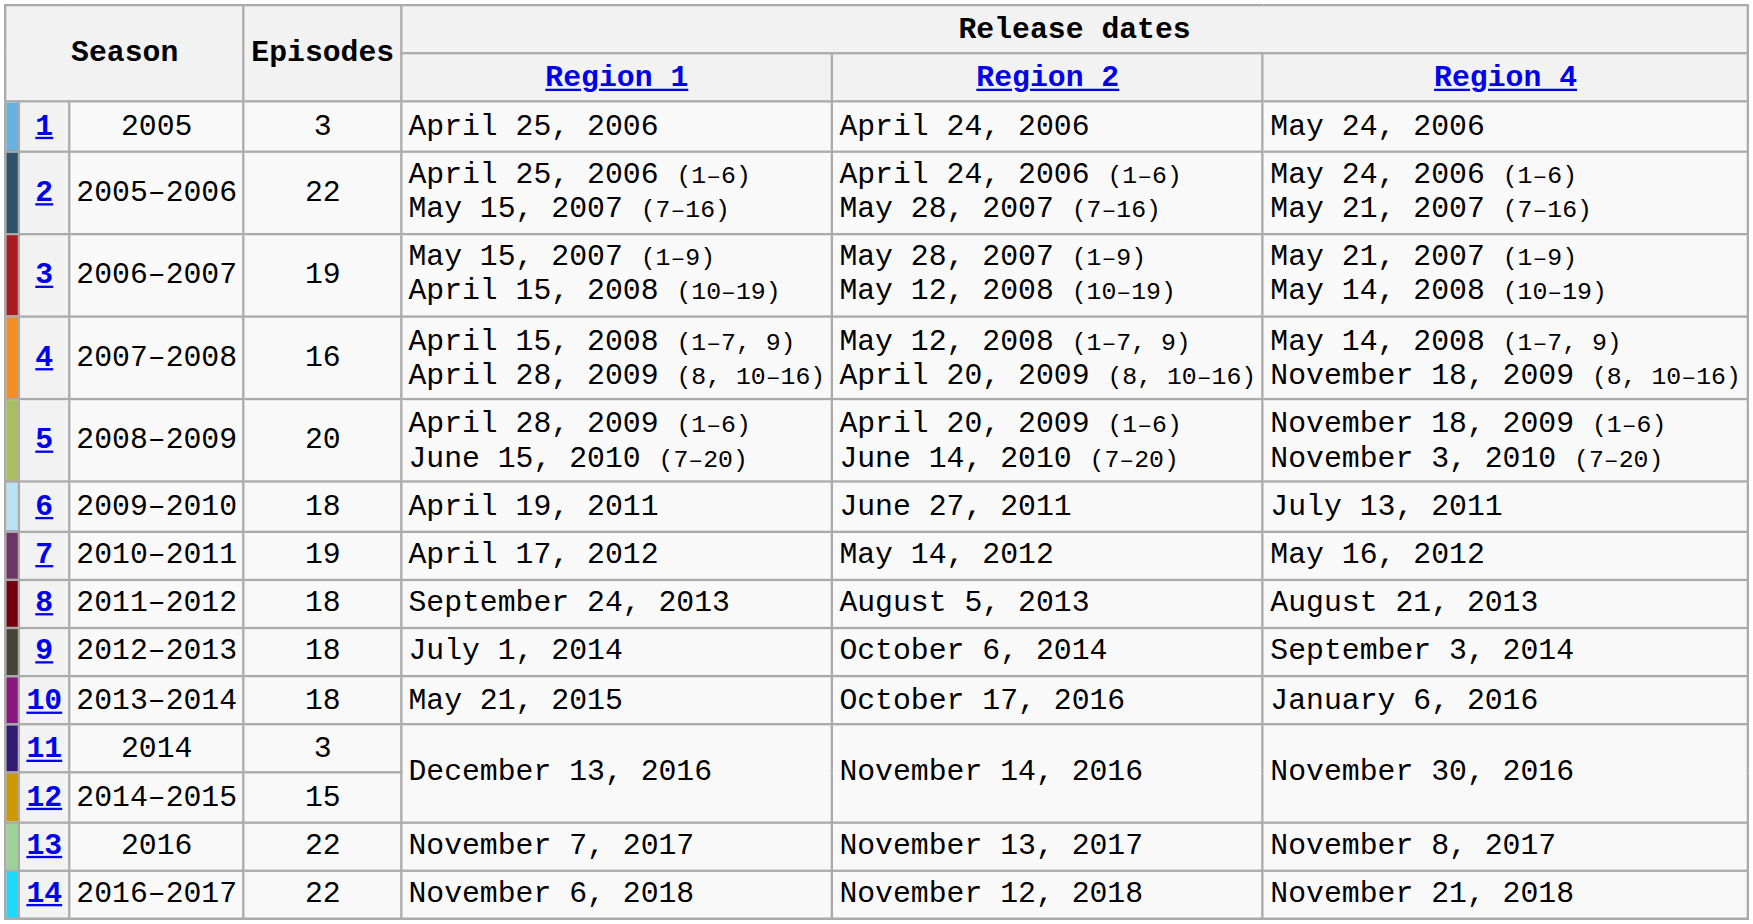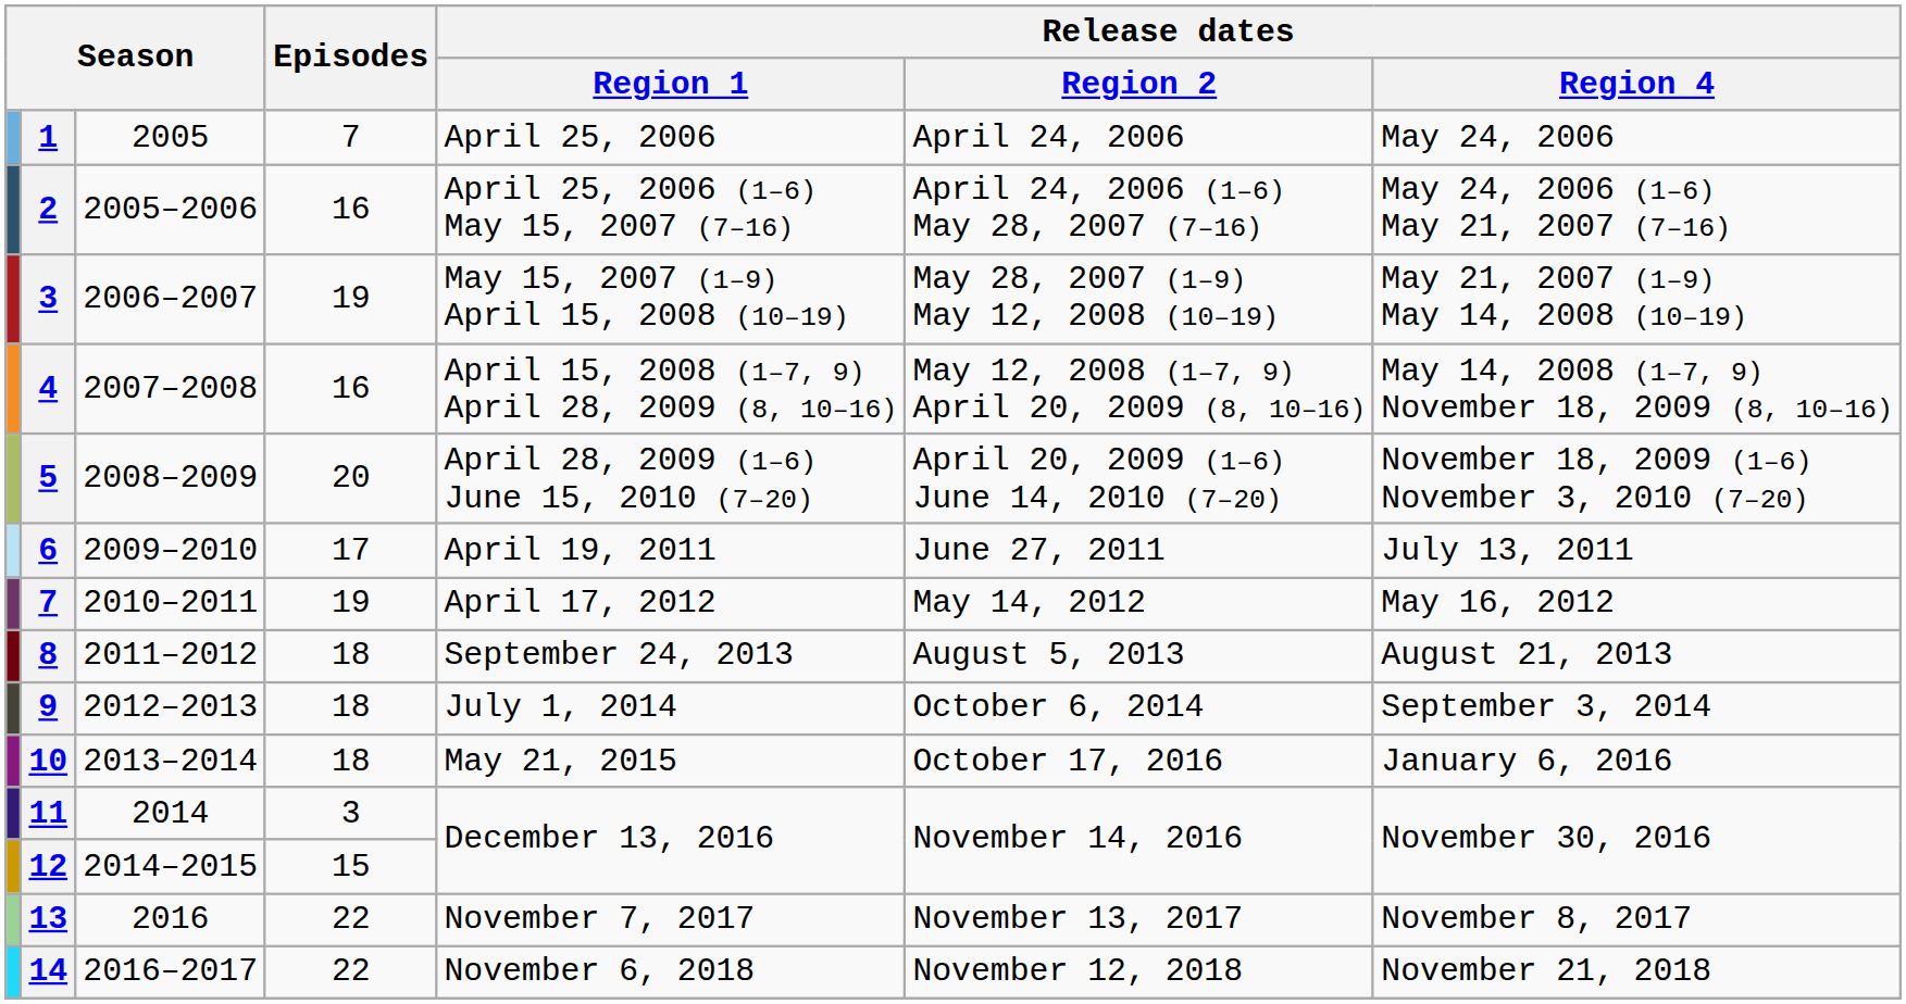 <table class="wikitable">
 <tr>
 <th colspan=3 rowspan=2>Season</th>
 <th rowspan=2>Episodes</th>
 <th colspan=3>Release dates</th>
 </tr>
 <tr>
 <th><a href='#'>Region 1</a></th>
 <th><a href='#'>Region 2</a></th>
 <th><a href='#'>Region 4</a></th>
 </tr>
 <tr>
 <th style="background:#68B1DE"></th>
 <th><a href='#'>1</a></th>
 <td style="text-align: center">2005</td>
-<td style="text-align: center">3</td>
+<td style="text-align: center">7</td>
 <td>April 25, 2006</td>
 <td>April 24, 2006</td>
 <td>May 24, 2006</td>
 </tr>
 <tr>
 <th style="background:#2E516C"></th>
 <th><a href='#'>2</a></th>
 <td style="text-align: center">2005–2006</td>
-<td style="text-align: center">22</td>
+<td style="text-align: center">16</td>
 <td>April 25, 2006 <small>(1–6)</small><br>May 15, 2007 <small>(7–16)</small></td>
 <td>April 24, 2006 <small>(1–6)</small><br>May 28, 2007 <small>(7–16)</small></td>
 <td>May 24, 2006 <small>(1–6)</small><br>May 21, 2007 <small>(7–16)</small></td>
 </tr>
 <tr>
 <th style="background:#A91B23"></th>
 <th><a href='#'>3</a></th>
 <td style="text-align: center">2006–2007</td>
 <td style="text-align: center">19</td>
 <td>May 15, 2007 <small>(1–9)</small><br>April 15, 2008 <small>(10–19)</small></td>
 <td>May 28, 2007 <small>(1–9)</small><br>May 12, 2008 <small>(10–19)</small></td>
 <td>May 21, 2007 <small>(1–9)</small><br>May 14, 2008 <small>(10–19)</small></td>
 </tr>
 <tr>
 <th style="background:#F68D22"></th>
 <th><a href='#'>4</a></th>
 <td style="text-align: center">2007–2008</td>
 <td style="text-align: center">16</td>
 <td>April 15, 2008 <small>(1–7, 9)</small><br>April 28, 2009 <small>(8, 10–16)</small></td>
 <td>May 12, 2008 <small>(1–7, 9)</small><br>April 20, 2009 <small>(8, 10–16)</small></td>
 <td>May 14, 2008 <small>(1–7, 9)</small><br>November 18, 2009 <small>(8, 10–16)</small></td>
 </tr>
 <tr>
 <th style="background:#A9BE61"></th>
 <th><a href='#'>5</a></th>
 <td style="text-align: center">2008–2009</td>
 <td style="text-align: center">20</td>
 <td>April 28, 2009 <small>(1–6)</small><br>June 15, 2010 <small>(7–20)</small></td>
 <td>April 20, 2009 <small>(1–6)</small><br>June 14, 2010 <small>(7–20)</small></td>
 <td>November 18, 2009 <small>(1–6)</small><br>November 3, 2010 <small>(7–20)</small></td>
 </tr>
 <tr>
 <th style="background:#B9E3F4"></th>
 <th><a href='#'>6</a></th>
 <td style="text-align: center">2009–2010</td>
-<td style="text-align: center">18</td>
+<td style="text-align: center">17</td>
 <td>April 19, 2011</td>
 <td>June 27, 2011</td>
 <td>July 13, 2011</td>
 </tr>
 <tr>
 <th style="background:#6C3467"></th>
 <th><a href='#'>7</a></th>
 <td style="text-align: center">2010–2011</td>
 <td style="text-align: center">19</td>
 <td>April 17, 2012</td>
 <td>May 14, 2012</td>
 <td>May 16, 2012</td>
 </tr>
 <tr>
 <th style="background:#72000C"></th>
 <th><a href='#'>8</a></th>
 <td style="text-align: center">2011–2012</td>
 <td style="text-align: center">18</td>
 <td>September 24, 2013</td>
 <td>August 5, 2013</td>
 <td>August 21, 2013</td>
 </tr>
 <tr>
 <th style="background:#454238"></th>
 <th><a href='#'>9</a></th>
 <td style="text-align: center">2012–2013</td>
 <td style="text-align: center">18</td>
 <td>July 1, 2014</td>
 <td>October 6, 2014</td>
 <td>September 3, 2014</td>
 </tr>
 <tr>
 <th style="background:#881780"></th>
 <th><a href='#'>10</a></th>
 <td style="text-align: center">2013–2014</td>
 <td style="text-align: center">18</td>
 <td>May 21, 2015</td>
 <td>October 17, 2016</td>
 <td>January 6, 2016</td>
 </tr>
 <tr>
 <th style="background:#321B75"></th>
 <th><a href='#'>11</a></th>
 <td style="text-align: center">2014</td>
 <td style="text-align: center">3</td>
 <td rowspan=2>December 13, 2016</td>
 <td rowspan=2>November 14, 2016</td>
 <td rowspan=2>November 30, 2016</td>
 </tr>
 <tr>
 <th style="background:#CC9900"></th>
 <th><a href='#'>12</a></th>
 <td style="text-align: center">2014–2015</td>
 <td style="text-align: center">15</td>
 </tr>
 <tr>
 <th style="background:#9cd298"></th>
 <th><a href='#'>13</a></th>
 <td style="text-align: center">2016</td>
 <td style="text-align: center">22</td>
 <td>November 7, 2017</td>
 <td>November 13, 2017</td>
 <td>November 8, 2017</td>
 </tr>
 <tr>
 <th style="background:#1DD9FC"></th>
 <th><a href='#'>14</a></th>
 <td style="text-align: center">2016–2017</td>
 <td style="text-align: center">22</td>
 <td>November 6, 2018</td>
 <td>November 12, 2018</td>
 <td>November 21, 2018</td>
 </tr>
 <tr>
 </tr>
 </table>
